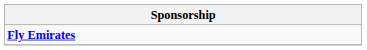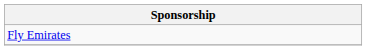 <table class="wikitable" style="text-align:left; font-size:95%;" width=35%>
 <tr>
 <th align=center>Sponsorship</th>
 </tr>
 <tr>
-<td><strong> <a href='#'>Fly Emirates</a></strong></td>
+<td> <a href='#'>Fly Emirates</a></td>
 </tr>
 <tr>
 </tr>
 </table>
